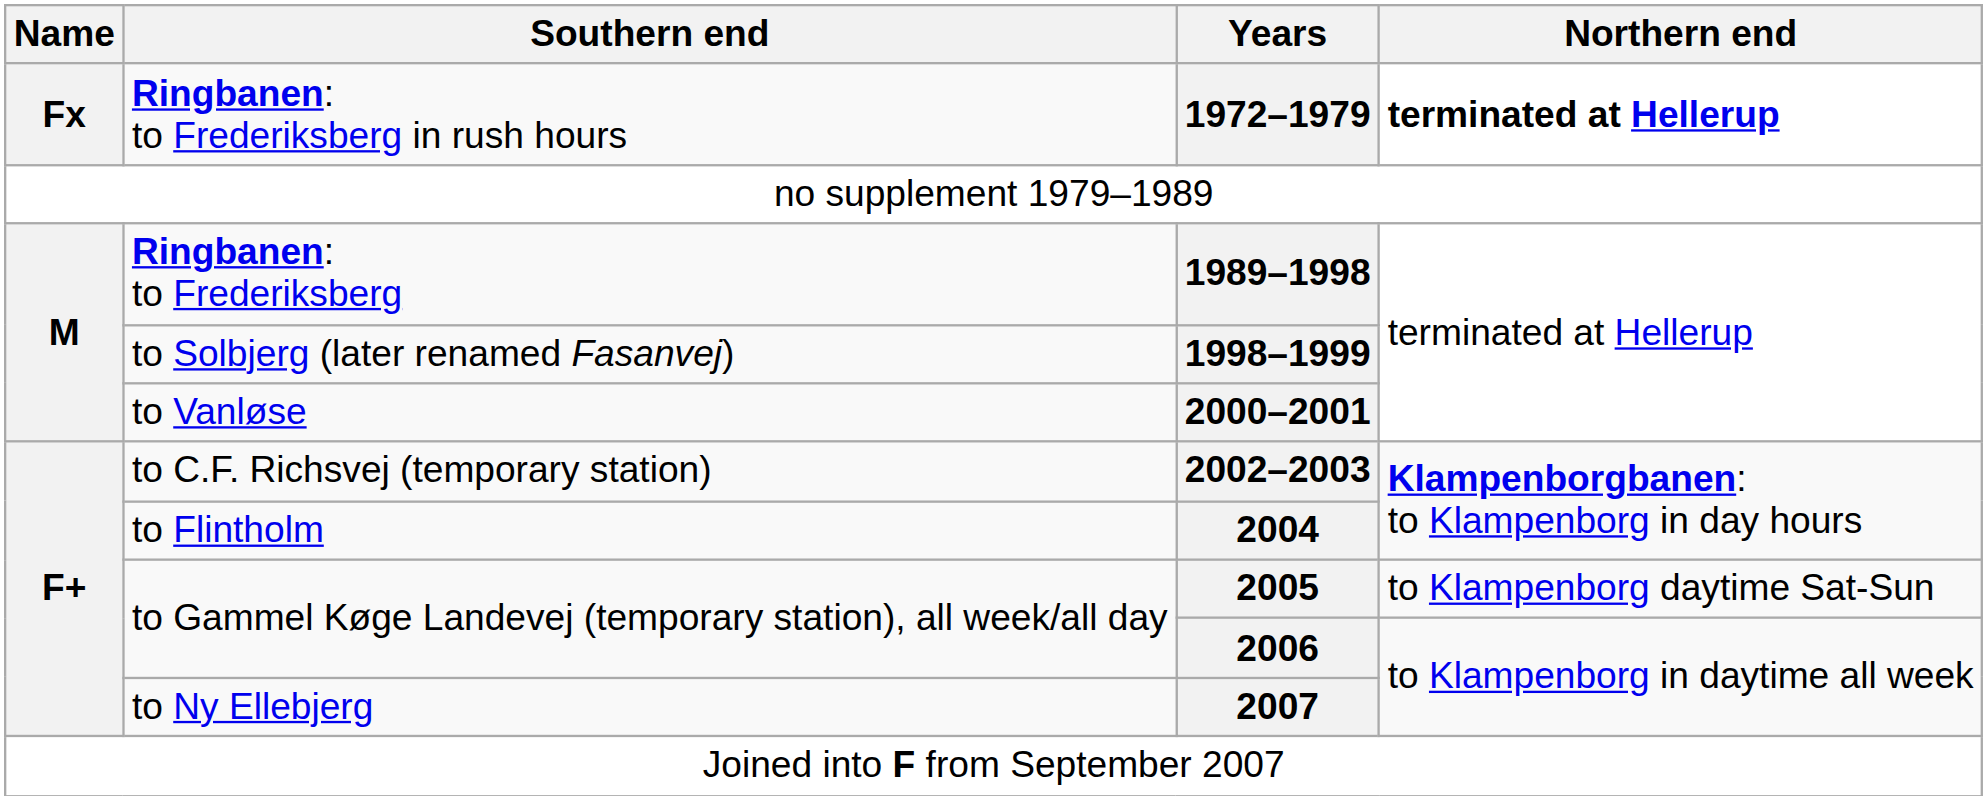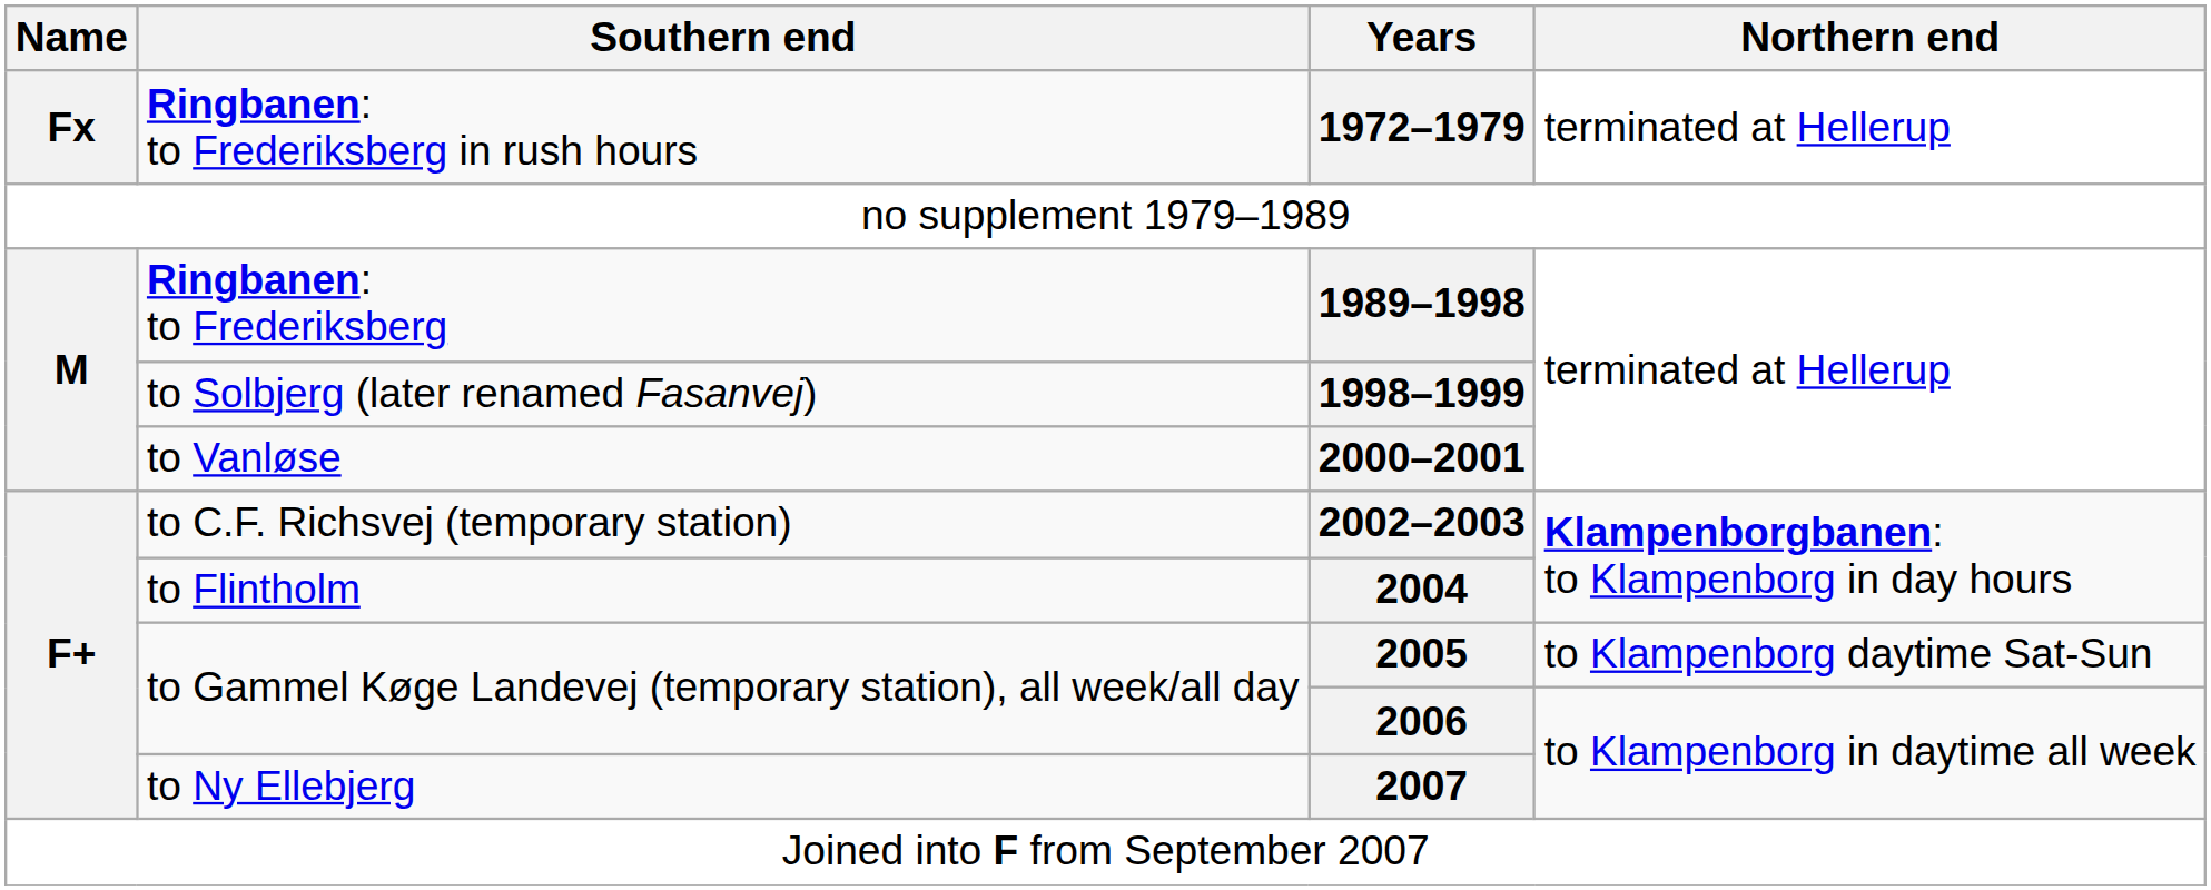 <table class=wikitable>
 <tr>
 <th>Name</th>
 <th>Southern end</th>
 <th>Years</th>
 <th>Northern end</th>
 </tr>
 <tr>
 <th>Fx</th>
 <td><strong><a href='#'>Ringbanen</a></strong>:<br> to <a href='#'>Frederiksberg</a> in rush hours</td>
 <th>1972–1979</th>
-<td style="background:white"><strong>terminated at <a href='#'>Hellerup</a></strong></td>
+<td style="background:white">terminated at <a href='#'>Hellerup</a></td>
 </tr>
 <tr>
 <td colspan=4 style="background:white" align=center>no supplement 1979–1989</td>
 </tr>
 <tr>
 <th rowspan=3>M</th>
 <td><strong><a href='#'>Ringbanen</a></strong>:<br> to <a href='#'>Frederiksberg</a></td>
 <th>1989–1998</th>
 <td rowspan=3 style="background:white">terminated at <a href='#'>Hellerup</a></td>
 </tr>
 <tr>
 <td>to <a href='#'>Solbjerg</a> (later renamed <em>Fasanvej</em>)</td>
 <th>1998–1999</th>
 </tr>
 <tr>
 <td>to <a href='#'>Vanløse</a></td>
 <th>2000–2001</th>
 </tr>
 <tr>
 <th rowspan=5>F+</th>
 <td>to C.F. Richsvej (temporary station)</td>
 <th>2002–2003</th>
 <td rowspan=2><strong><a href='#'>Klampenborgbanen</a></strong>:<br> to <a href='#'>Klampenborg</a> in day hours</td>
 </tr>
 <tr>
 <td>to <a href='#'>Flintholm</a></td>
 <th>2004</th>
 </tr>
 <tr>
 <td rowspan=2>to Gammel Køge Landevej (temporary station), all week/all day</td>
 <th>2005</th>
 <td>to <a href='#'>Klampenborg</a> daytime Sat-Sun</td>
 </tr>
 <tr>
 <th>2006</th>
 <td rowspan=2>to <a href='#'>Klampenborg</a> in daytime all week</td>
 </tr>
 <tr>
 <td>to <a href='#'>Ny Ellebjerg</a></td>
 <th>2007</th>
 </tr>
 <tr>
 <td colspan=4 style="background:white" align=center>Joined into <strong>F</strong> from September 2007</td>
 </tr>
 </table>
